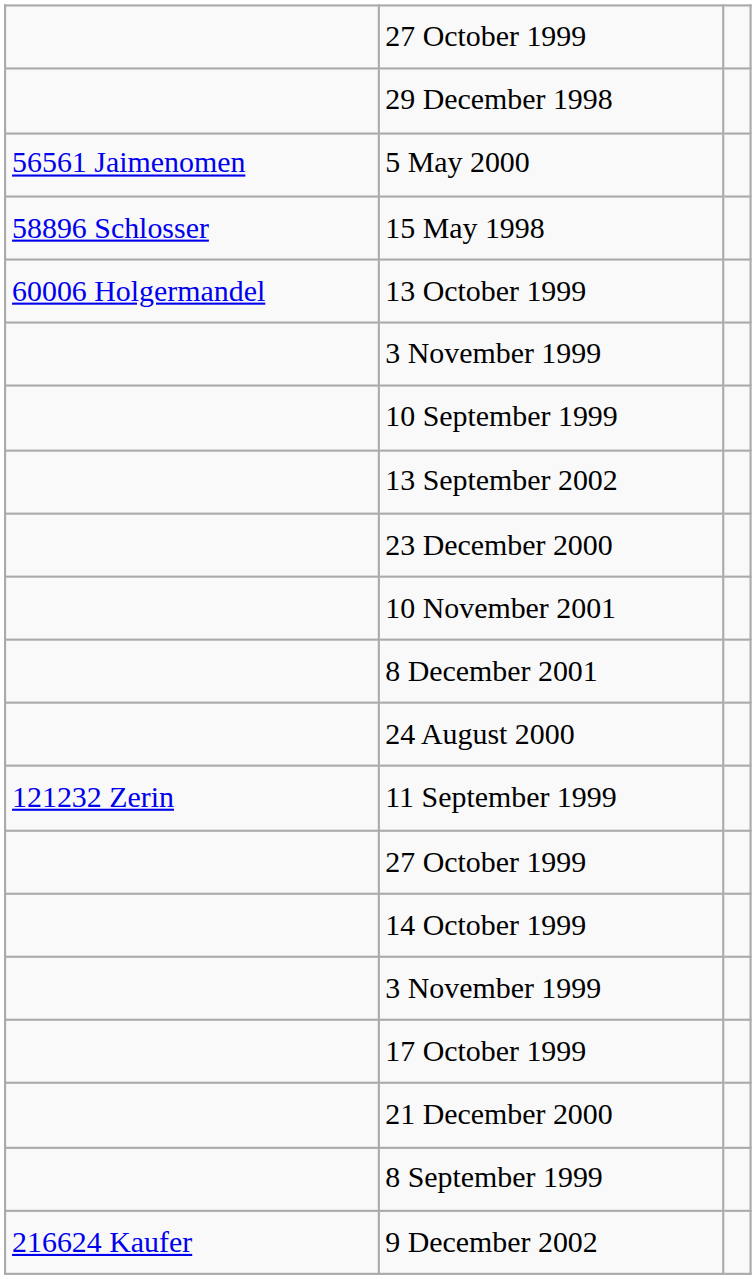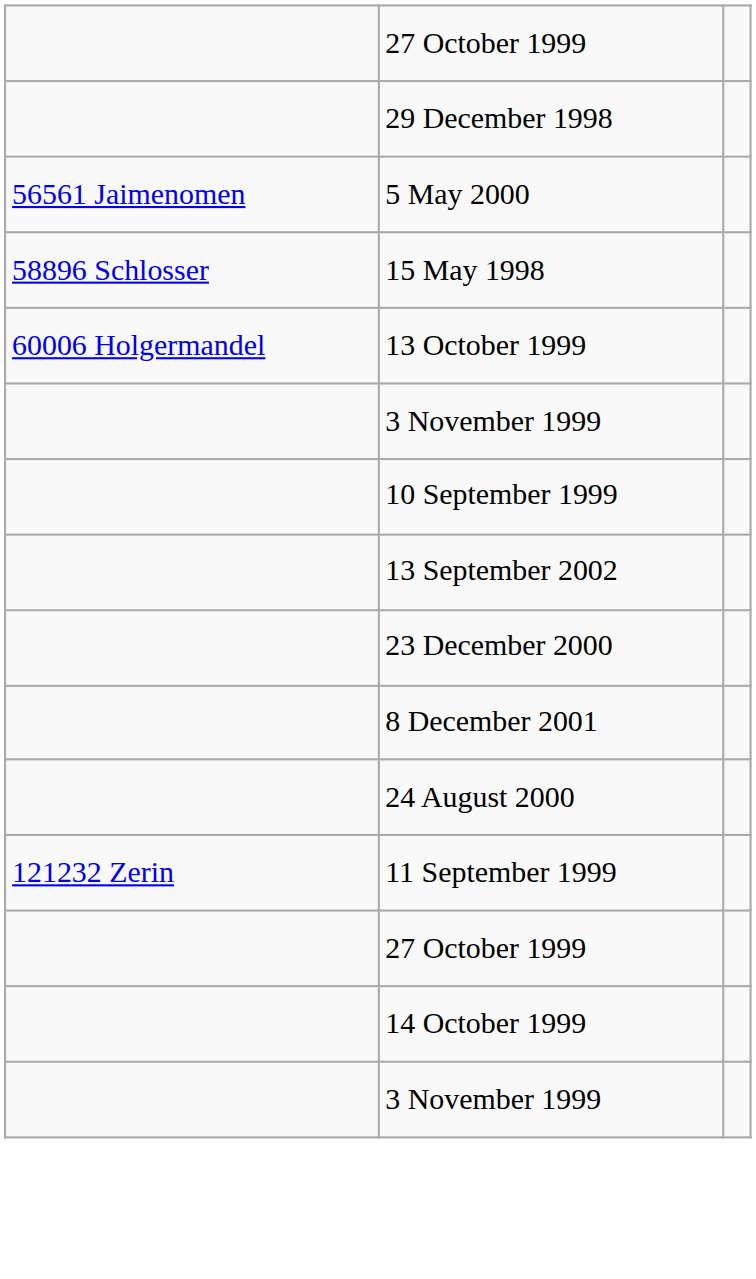 <table class="wikitable" style="font-size: 89%; float: left; width: 25em; margin-right: 1em; line-height: 1.65em !important; height: 540px;">
 <tr>
 <td></td>
 <td>27 October 1999</td>
 <td> </td>
 </tr>
 <tr>
 <td></td>
 <td>29 December 1998</td>
 <td> </td>
 </tr>
 <tr>
 <td><a href='#'>56561 Jaimenomen</a></td>
 <td>5 May 2000</td>
 <td> </td>
 </tr>
 <tr>
 <td><a href='#'>58896 Schlosser</a></td>
 <td>15 May 1998</td>
 <td> </td>
 </tr>
 <tr>
 <td><a href='#'>60006 Holgermandel</a></td>
 <td>13 October 1999</td>
 <td> </td>
 </tr>
 <tr>
 <td></td>
 <td>3 November 1999</td>
 <td> </td>
 </tr>
 <tr>
 <td></td>
 <td>10 September 1999</td>
 <td> </td>
 </tr>
 <tr>
 <td></td>
 <td>13 September 2002</td>
 <td> </td>
 </tr>
 <tr>
 <td></td>
 <td>23 December 2000</td>
 <td> </td>
 </tr>
 <tr>
 <td></td>
-<td>10 November 2001</td>
-<td> </td>
-</tr>
-<tr>
-<td></td>
 <td>8 December 2001</td>
 <td> </td>
 </tr>
 <tr>
 <td></td>
 <td>24 August 2000</td>
 <td> </td>
 </tr>
 <tr>
 <td><a href='#'>121232 Zerin</a></td>
 <td>11 September 1999</td>
 <td> </td>
 </tr>
 <tr>
 <td></td>
 <td>27 October 1999</td>
 <td> </td>
 </tr>
 <tr>
 <td></td>
 <td>14 October 1999</td>
 <td> </td>
 </tr>
 <tr>
 <td></td>
 <td>3 November 1999</td>
 <td> </td>
 </tr>
-<tr>
-<td></td>
-<td>17 October 1999</td>
-<td> </td>
-</tr>
-<tr>
-<td></td>
-<td>21 December 2000</td>
-<td> </td>
-</tr>
-<tr>
-<td></td>
-<td>8 September 1999</td>
-<td> </td>
-</tr>
-<tr>
-<td><a href='#'>216624 Kaufer</a></td>
-<td>9 December 2002</td>
-<td> </td>
-</tr>
 </table>
